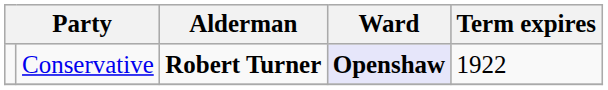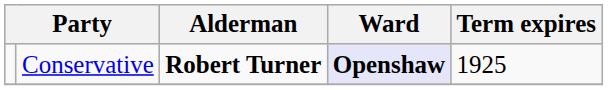 <table class="wikitable">
 <tr>
 <th colspan="2">Party</th>
 <th>Alderman</th>
 <th>Ward</th>
 <th>Term expires</th>
 </tr>
 <tr>
 <td style="background-color:"></td>
 <td><a href='#'>Conservative</a></td>
 <td><strong>Robert Turner</strong></td>
 <td style="background: lavender;"><strong>Openshaw</strong></td>
-<td>1922</td>
+<td>1925</td>
 </tr>
 <tr>
 </tr>
 </table>
